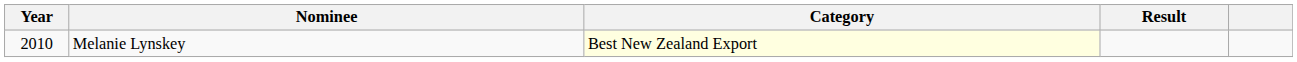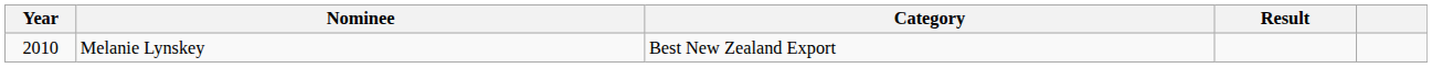 <table class="wikitable" style="width:100%;">
 <tr>
 <th style="width:5%;">Year</th>
 <th style="width:40%;">Nominee</th>
 <th style="width:40%;">Category</th>
 <th style="width:10%;">Result</th>
 <th style="width:5%;"></th>
 </tr>
 <tr>
 <td rowspan="2" style="text-align:center;">2010</td>
 <td>Melanie Lynskey</td>
-<td style="background: lightyellow;">Best New Zealand Export</td>
+<td>Best New Zealand Export</td>
 <td></td>
 <td style="text-align:center;"></td>
 </tr>
 </table>
